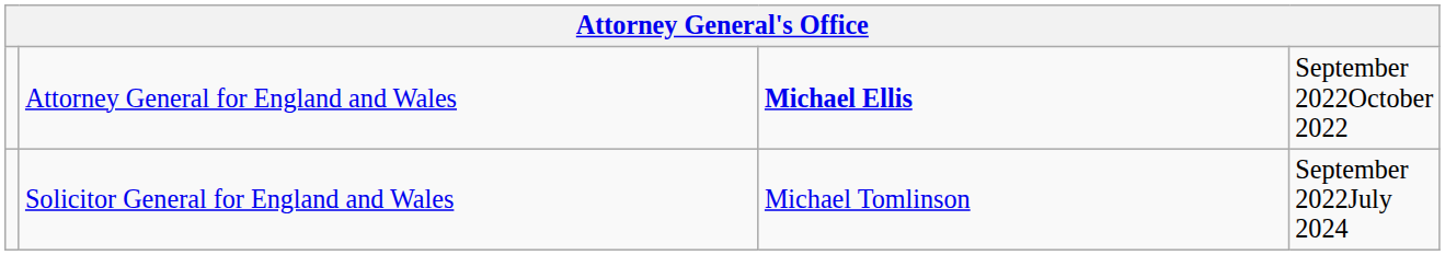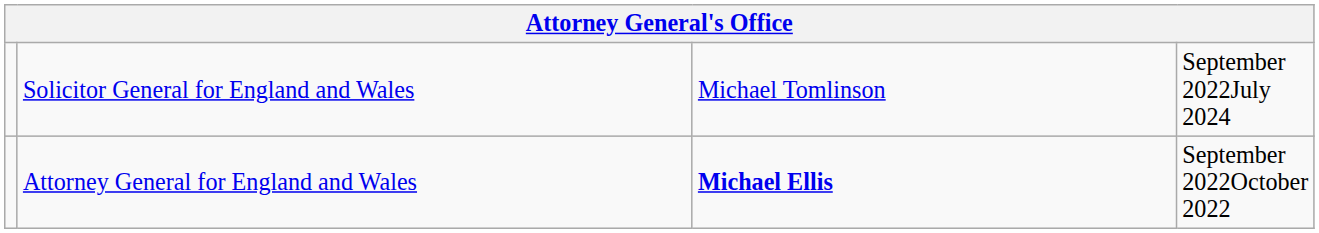 <table class="wikitable">
 <tr>
 <th colspan="4"><a href='#'>Attorney General's Office</a></th>
+</tr>
+<tr>
+<td rowspan=1 style="width: 1px; background: "></td>
+<td rowspan=1 style="width: 450px;"><a href='#'>Solicitor General for England and Wales</a></td>
+<td style="width: 320px;"><a href='#'>Michael Tomlinson</a></td>
+<td>September 2022July 2024</td>
 </tr>
 <tr>
 <td rowspan=1 style="width: 1px; background: "></td>
 <td rowspan=1 style="width: 450px;"><a href='#'>Attorney General for England and Wales</a></td>
 <td Style="width: 320px;"><strong><a href='#'>Michael Ellis</a></strong></td>
 <td>September 2022October 2022</td>
 </tr>
-<tr>
-<td rowspan=1 style="width: 1px; background: "></td>
-<td rowspan=1 style="width: 450px;"><a href='#'>Solicitor General for England and Wales</a></td>
-<td style="width: 320px;"><a href='#'>Michael Tomlinson</a></td>
-<td>September 2022July 2024</td>
-</tr>
 </table>
